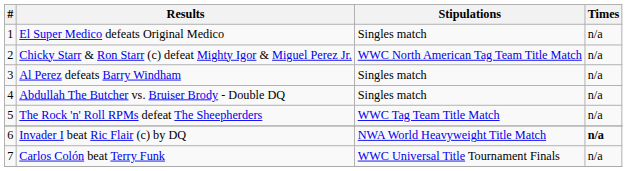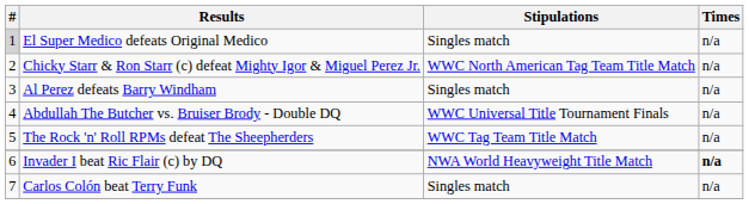 <table style="font-size: 85%" class="wikitable sortable">
 <tr>
 <th><strong>#</strong></th>
 <th><strong>Results</strong></th>
 <th><strong>Stipulations</strong></th>
 <th><strong>Times</strong></th>
 </tr>
 <tr>
-<td>1</td>
+<td style="background: lightgrey;">1</td>
 <td><a href='#'>El Super Medico</a> defeats Original Medico</td>
 <td>Singles match</td>
 <td>n/a</td>
 </tr>
 <tr>
 <td>2</td>
 <td><a href='#'>Chicky Starr</a> & <a href='#'>Ron Starr</a> (c) defeat <a href='#'>Mighty Igor</a> & <a href='#'>Miguel Perez Jr.</a></td>
 <td><a href='#'>WWC North American Tag Team Title Match</a></td>
 <td>n/a</td>
 </tr>
 <tr>
 <td>3</td>
 <td><a href='#'>Al Perez</a> defeats <a href='#'>Barry Windham</a></td>
 <td>Singles match</td>
 <td>n/a</td>
 </tr>
 <tr>
 <td>4</td>
 <td><a href='#'>Abdullah The Butcher</a> vs. <a href='#'>Bruiser Brody</a> - Double DQ</td>
-<td>Singles match</td>
+<td><a href='#'>WWC Universal Title</a> Tournament Finals</td>
 <td>n/a</td>
 </tr>
 <tr>
 <td>5</td>
 <td><a href='#'>The Rock 'n' Roll RPMs</a> defeat <a href='#'>The Sheepherders</a></td>
 <td><a href='#'>WWC Tag Team Title Match</a></td>
 <td>n/a</td>
 </tr>
 <tr>
 </tr>
 <tr>
 <td>6</td>
 <td><a href='#'>Invader I</a> beat <a href='#'>Ric Flair</a> (c) by DQ</td>
 <td><a href='#'>NWA World Heavyweight Title Match</a></td>
 <td><strong>n/a</strong></td>
 </tr>
 <tr>
 <td>7</td>
 <td><a href='#'>Carlos Colón</a> beat <a href='#'>Terry Funk</a></td>
-<td><a href='#'>WWC Universal Title</a> Tournament Finals</td>
+<td>Singles match</td>
 <td>n/a</td>
 </tr>
 <tr>
 </tr>
 </table>
